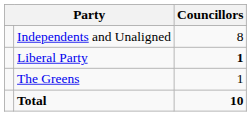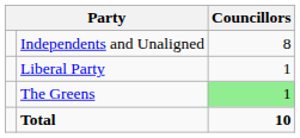 <table class="wikitable">
 <tr>
 <th colspan="2">Party</th>
 <th>Councillors</th>
 </tr>
 <tr>
 <td> </td>
 <td><a href='#'>Independents</a> and Unaligned</td>
 <td align = right>8</td>
 </tr>
 <tr>
 <td> </td>
 <td><a href='#'>Liberal Party</a></td>
-<td align = right><strong>1</strong></td>
+<td align = right>1</td>
 </tr>
 <tr>
 <td> </td>
 <td><a href='#'>The Greens</a></td>
-<td align = right>1</td>
+<td align = right style="background: lightgreen;">1</td>
 </tr>
 <tr>
 <td></td>
 <td><strong>Total</strong></td>
 <td align = right><strong>10</strong></td>
 </tr>
 </table>
